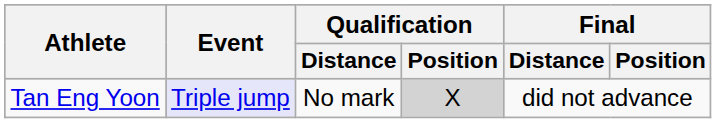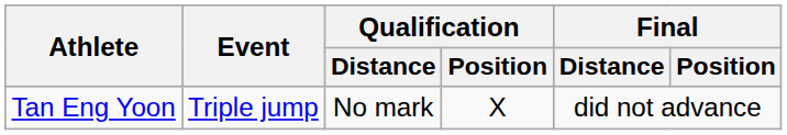 <table class="wikitable" style="font-size:90%">
 <tr>
 <th rowspan="2">Athlete</th>
 <th rowspan="2">Event</th>
 <th colspan="2">Qualification</th>
 <th colspan="2">Final</th>
 </tr>
 <tr style="font-size:95%">
 <th>Distance</th>
 <th>Position</th>
 <th>Distance</th>
 <th>Position</th>
 </tr>
 <tr align="center">
 <td align="left"><a href='#'>Tan Eng Yoon</a></td>
-<td align="left" style="background: lavender;"><a href='#'>Triple jump</a></td>
+<td align="left"><a href='#'>Triple jump</a></td>
 <td>No mark</td>
-<td style="background: lightgrey;">X</td>
+<td>X</td>
 <td colspan="2">did not advance</td>
 </tr>
 </table>
